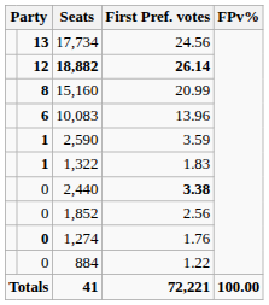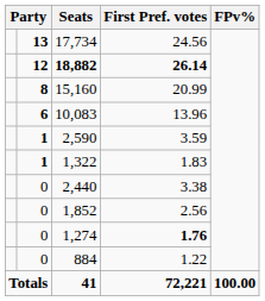 <table class=wikitable>
 <tr>
 <th colspan=2 align=center>Party</th>
 <th valign=top>Seats</th>
 <th valign=top>First Pref. votes</th>
 <th valign=top>FPv%</th>
 </tr>
 <tr>
 <td></td>
 <td align=right><strong>13</strong></td>
 <td align=right>17,734</td>
 <td align=right>24.56</td>
 </tr>
 <tr>
 <td></td>
 <td align=right><strong>12</strong></td>
 <td align=right><strong>18,882</strong></td>
 <td align=right><strong>26.14</strong></td>
 </tr>
 <tr>
 <td></td>
 <td align=right><strong>8</strong></td>
 <td align=right>15,160</td>
 <td align=right>20.99</td>
 </tr>
 <tr>
 <td></td>
 <td align=right><strong>6</strong></td>
 <td align=right>10,083</td>
 <td align=right>13.96</td>
 </tr>
 <tr>
 <td></td>
 <td align=right><strong>1</strong></td>
 <td align=right>2,590</td>
 <td align=right>3.59</td>
 </tr>
 <tr>
 <td></td>
 <td align=right><strong>1</strong></td>
 <td align=right>1,322</td>
 <td align=right>1.83</td>
 </tr>
 <tr>
 <td></td>
 <td align=right>0</td>
 <td align=right>2,440</td>
-<td align=right><strong>3.38</strong></td>
+<td align=right>3.38</td>
 </tr>
 <tr>
 <td></td>
 <td align=right>0</td>
 <td align=right>1,852</td>
 <td align=right>2.56</td>
 </tr>
 <tr>
 <td></td>
-<td align=right><strong>0</strong></td>
+<td align=right>0</td>
 <td align=right>1,274</td>
-<td align=right>1.76</td>
+<td align=right><strong>1.76</strong></td>
 </tr>
 <tr>
 <td></td>
 <td align=right>0</td>
 <td align=right>884</td>
 <td align=right>1.22</td>
 </tr>
 <tr>
 <td colspan=2 align=center><strong>Totals</strong></td>
 <td align=right><strong>41</strong></td>
 <td align=right><strong>72,221</strong></td>
 <td align=center><strong>100.00</strong></td>
 </tr>
 </table>
